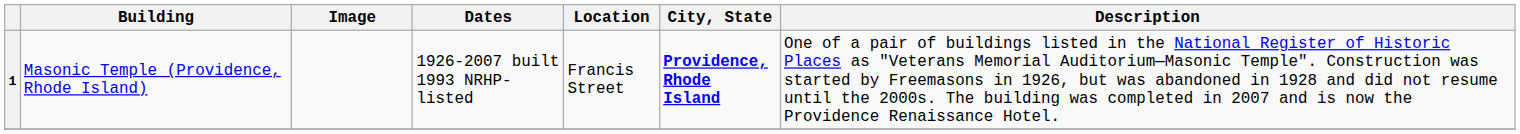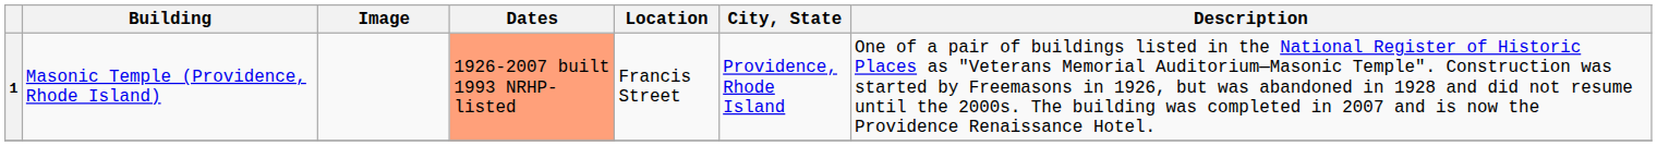 <table class="wikitable sortable" style="width:98%">
 <tr>
 <th></th>
 <th width = 18%><strong>Building</strong></th>
 <th width = 8% class="unsortable"><strong>Image</strong></th>
 <th width = 10%><strong>Dates</strong></th>
 <th><strong>Location</strong></th>
 <th width = 8%><strong>City, State</strong></th>
 <th class="unsortable"><strong>Description</strong></th>
 </tr>
 <tr ->
 <th><small>1</small></th>
 <td><a href='#'>Masonic Temple (Providence, Rhode Island)</a></td>
 <td></td>
-<td>1926-2007 built<br>1993 NRHP-listed</td>
+<td style="background: lightsalmon;">1926-2007 built<br>1993 NRHP-listed</td>
 <td>Francis Street<br><small></small></td>
-<td><strong><a href='#'>Providence, Rhode Island</a></strong></td>
+<td><a href='#'>Providence, Rhode Island</a></td>
 <td>One of a pair of buildings listed in the <a href='#'>National Register of Historic Places</a> as "Veterans Memorial Auditorium—Masonic Temple". Construction was started by Freemasons in 1926, but was abandoned in 1928 and did not resume until the 2000s. The building was completed in 2007 and is now the Providence Renaissance Hotel.</td>
 </tr>
 <tr ->
 </tr>
 </table>
